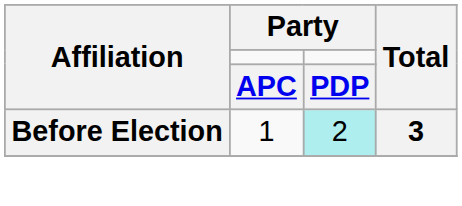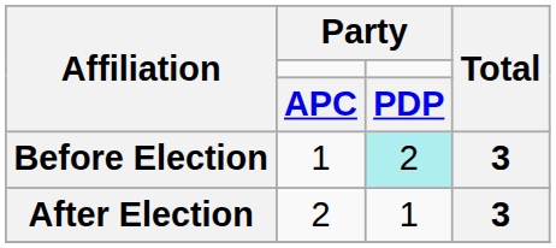 <table class="wikitable" style="text-align:center">
 <tr>
 <th rowspan="3">Affiliation</th>
 <th colspan="2">Party</th>
 <th rowspan="3">Total</th>
 </tr>
 <tr>
 <td style="background-color:"></td>
 <td style="background-color:"></td>
 </tr>
 <tr>
 <th><a href='#'>APC</a></th>
 <th><a href='#'>PDP</a></th>
 </tr>
 <tr>
 <th>Before Election</th>
 <td>1</td>
 <td style="background: paleturquoise;">2</td>
 <th>3</th>
 </tr>
 <tr>
+<th>After Election</th>
+<td>2</td>
+<td>1</td>
+<th>3</th>
+</tr>
+<tr>
 </tr>
 </table>
